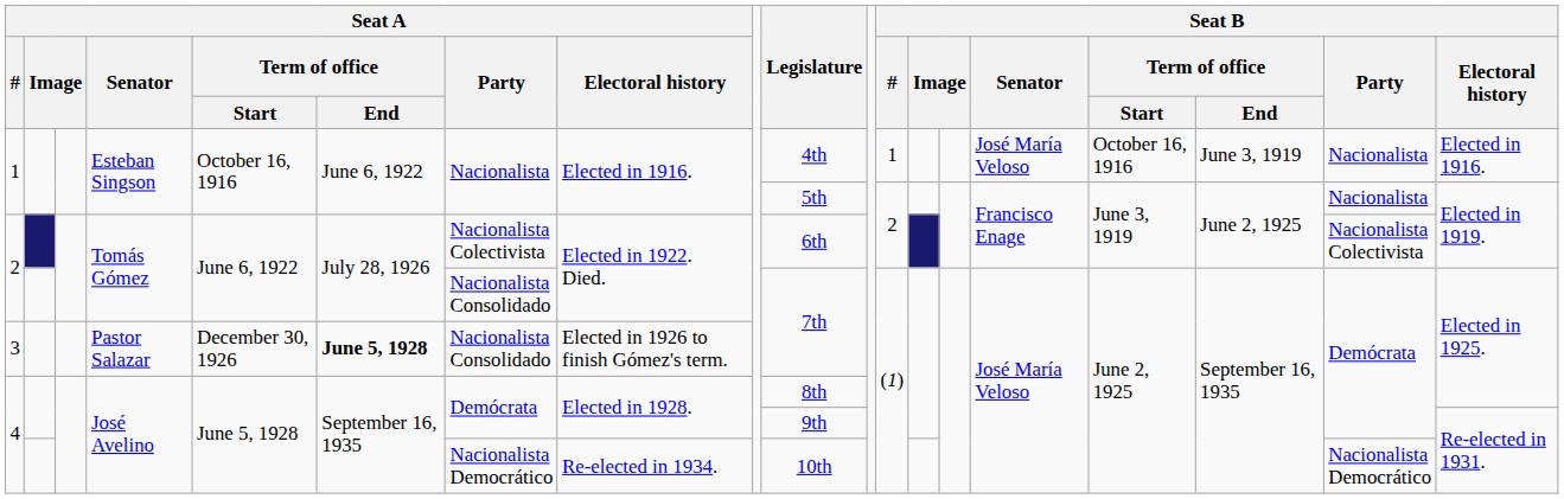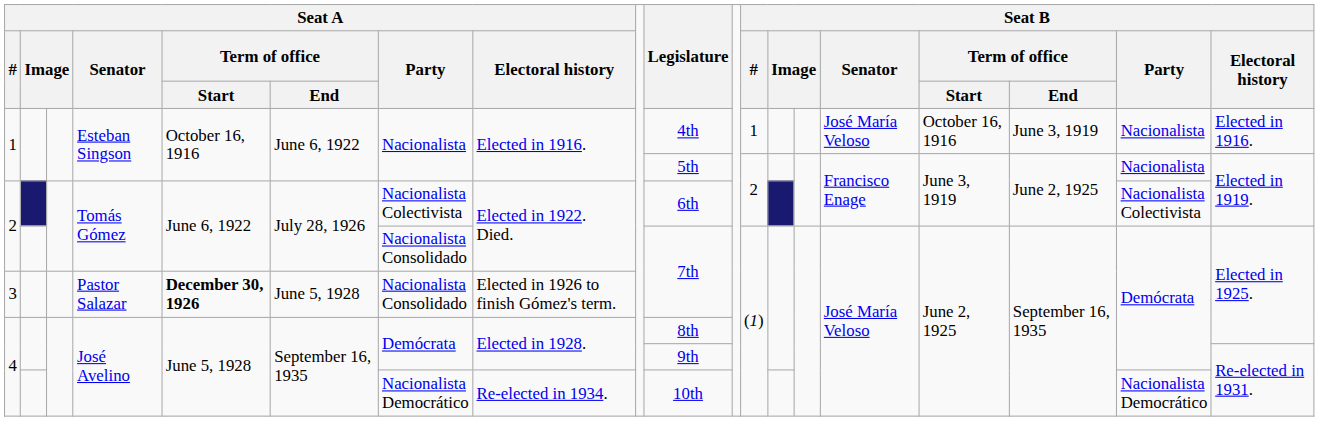 <table class="wikitable">
 <tr>
 <th colspan="8">Seat A</th>
 <td rowspan="99"></td>
 <th rowspan="3">Legislature</th>
 <td rowspan="99"></td>
 <th colspan="8">Seat B</th>
 </tr>
 <tr style="height:3em">
 <th rowspan="2">#</th>
 <th rowspan="2" colspan="2">Image</th>
 <th rowspan="2">Senator</th>
 <th colspan="2">Term of office</th>
 <th rowspan="2">Party</th>
 <th rowspan="2">Electoral history</th>
 <th rowspan="2">#</th>
 <th rowspan="2" colspan="2">Image</th>
 <th rowspan="2">Senator</th>
 <th colspan="2">Term of office</th>
 <th rowspan="2">Party</th>
 <th rowspan="2">Electoral history</th>
 </tr>
 <tr>
 <th>Start</th>
 <th>End</th>
 <th>Start</th>
 <th>End</th>
 </tr>
 <tr>
 <td rowspan="2" style="text-align:center;">1</td>
 <td rowspan="2" style="background:"></td>
 <td rowspan="2"></td>
 <td rowspan="2"><a href='#'>Esteban Singson</a></td>
 <td rowspan="2">October 16, 1916</td>
 <td rowspan="2">June 6, 1922</td>
 <td rowspan="2"><a href='#'>Nacionalista</a></td>
 <td rowspan="2"><a href='#'>Elected in 1916</a>.</td>
 <td style="text-align:center;"><a href='#'>4th</a></td>
 <td style="text-align:center;">1</td>
 <td style="background:"></td>
 <td></td>
 <td><a href='#'>José María Veloso</a></td>
 <td>October 16, 1916</td>
 <td>June 3, 1919</td>
 <td><a href='#'>Nacionalista</a></td>
 <td><a href='#'>Elected in 1916</a>.</td>
 </tr>
 <tr>
 <td style="text-align:center;"><a href='#'>5th</a></td>
 <td rowspan="2" style="text-align:center;">2</td>
 <td style="background:"></td>
 <td rowspan="2"></td>
 <td rowspan="2"><a href='#'>Francisco Enage</a></td>
 <td rowspan="2">June 3, 1919</td>
 <td rowspan="2">June 2, 1925</td>
 <td><a href='#'>Nacionalista</a></td>
 <td rowspan="2"><a href='#'>Elected in 1919</a>.</td>
 </tr>
 <tr>
 <td rowspan="2" style="text-align:center;">2</td>
 <td style="background-color:#191970"></td>
 <td rowspan="2"></td>
 <td rowspan="2"><a href='#'>Tomás Gómez</a></td>
 <td rowspan="2">June 6, 1922</td>
 <td rowspan="2">July 28, 1926</td>
 <td><a href='#'>Nacionalista</a><br>Colectivista</td>
 <td rowspan="2"><a href='#'>Elected in 1922</a>.<br>Died.</td>
 <td style="text-align:center;"><a href='#'>6th</a></td>
 <td style="background-color:#191970"></td>
 <td><a href='#'>Nacionalista</a><br>Colectivista</td>
 </tr>
 <tr>
 <td style="background:"></td>
 <td><a href='#'>Nacionalista</a><br>Consolidado</td>
 <td rowspan="2" style="text-align:center;"><a href='#'>7th</a></td>
 <td rowspan="5" style="text-align:center;">(<em>1</em>)</td>
 <td rowspan="4" style="background:"></td>
 <td rowspan="5"></td>
 <td rowspan="5"><a href='#'>José María Veloso</a></td>
 <td rowspan="5">June 2, 1925</td>
 <td rowspan="5">September 16, 1935</td>
 <td rowspan="4"><a href='#'>Demócrata</a></td>
 <td rowspan="3"><a href='#'>Elected in 1925</a>.</td>
 </tr>
 <tr>
 <td style="text-align:center;">3</td>
 <td style="background:"></td>
 <td></td>
 <td><a href='#'>Pastor Salazar</a></td>
-<td>December 30, 1926</td>
-<td><strong>June 5, 1928</strong></td>
+<td><strong>December 30, 1926</strong></td>
+<td>June 5, 1928</td>
 <td><a href='#'>Nacionalista</a><br>Consolidado</td>
 <td>Elected in 1926 to finish Gómez's term.</td>
 </tr>
 <tr>
 <td rowspan="3" style="text-align:center;">4</td>
 <td rowspan="2" style="background:"></td>
 <td rowspan="3"></td>
 <td rowspan="3"><a href='#'>José Avelino</a></td>
 <td rowspan="3">June 5, 1928</td>
 <td rowspan="3">September 16, 1935</td>
 <td rowspan="2"><a href='#'>Demócrata</a></td>
 <td rowspan="2"><a href='#'>Elected in 1928</a>.</td>
 <td style="text-align:center;"><a href='#'>8th</a></td>
 </tr>
 <tr>
 <td style="text-align:center;"><a href='#'>9th</a></td>
 <td rowspan="2"><a href='#'>Re-elected in 1931</a>.</td>
 </tr>
 <tr>
 <td style="background:"></td>
 <td><a href='#'>Nacionalista</a><br>Democrático</td>
 <td><a href='#'>Re-elected in 1934</a>.</td>
 <td style="text-align:center;"><a href='#'>10th</a></td>
 <td style="background:"></td>
 <td><a href='#'>Nacionalista</a><br>Democrático</td>
 </tr>
 </table>
